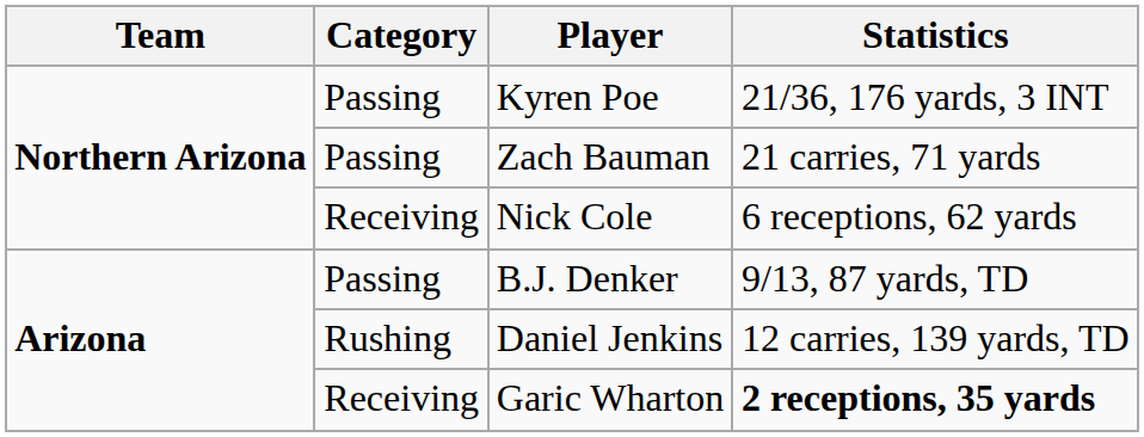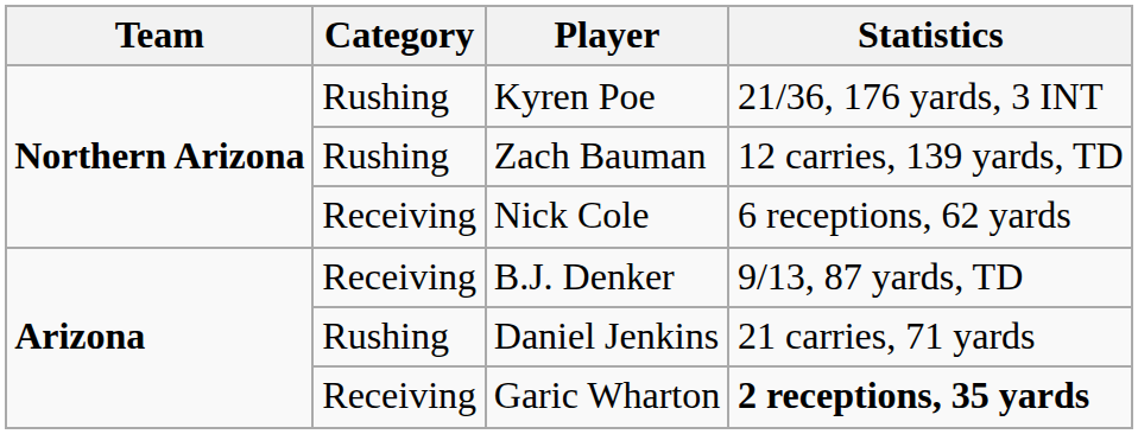 <table class="wikitable" style="float: right;">
 <tr>
 <th>Team</th>
 <th>Category</th>
 <th>Player</th>
 <th>Statistics</th>
 </tr>
 <tr>
 <td rowspan=3><strong>Northern Arizona</strong></td>
-<td>Passing</td>
+<td>Rushing</td>
 <td>Kyren Poe</td>
 <td>21/36, 176 yards, 3 INT</td>
 </tr>
 <tr>
-<td>Passing</td>
+<td>Rushing</td>
 <td>Zach Bauman</td>
-<td>21 carries, 71 yards</td>
+<td>12 carries, 139 yards, TD</td>
 </tr>
 <tr>
 <td>Receiving</td>
 <td>Nick Cole</td>
 <td>6 receptions, 62 yards</td>
 </tr>
 <tr>
 <td rowspan=3><strong>Arizona</strong></td>
-<td>Passing</td>
+<td>Receiving</td>
 <td>B.J. Denker</td>
 <td>9/13, 87 yards, TD</td>
 </tr>
 <tr>
 <td>Rushing</td>
 <td>Daniel Jenkins</td>
-<td>12 carries, 139 yards, TD</td>
+<td>21 carries, 71 yards</td>
 </tr>
 <tr>
 <td>Receiving</td>
 <td>Garic Wharton</td>
 <td><strong>2 receptions, 35 yards</strong></td>
 </tr>
 </table>
